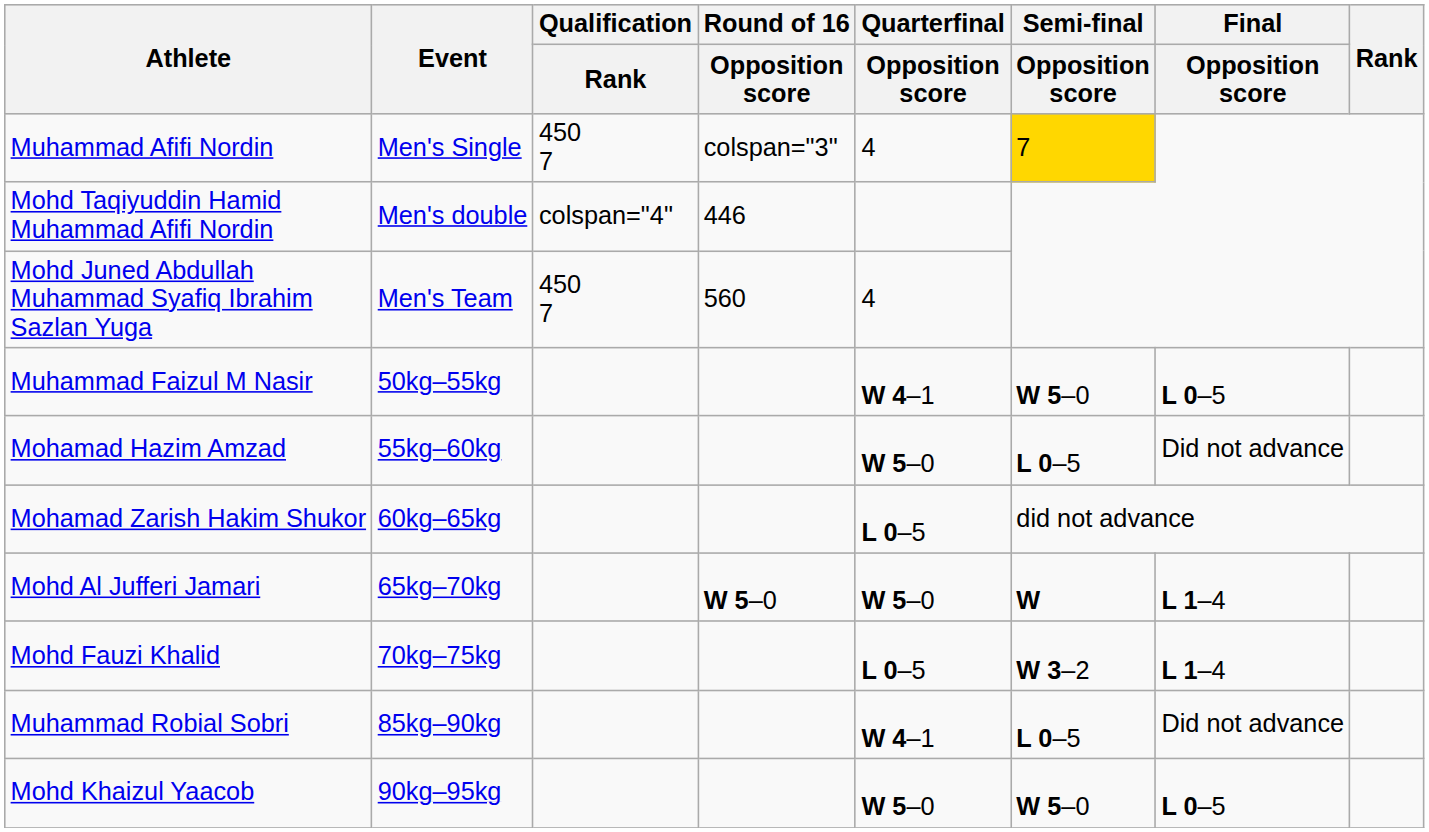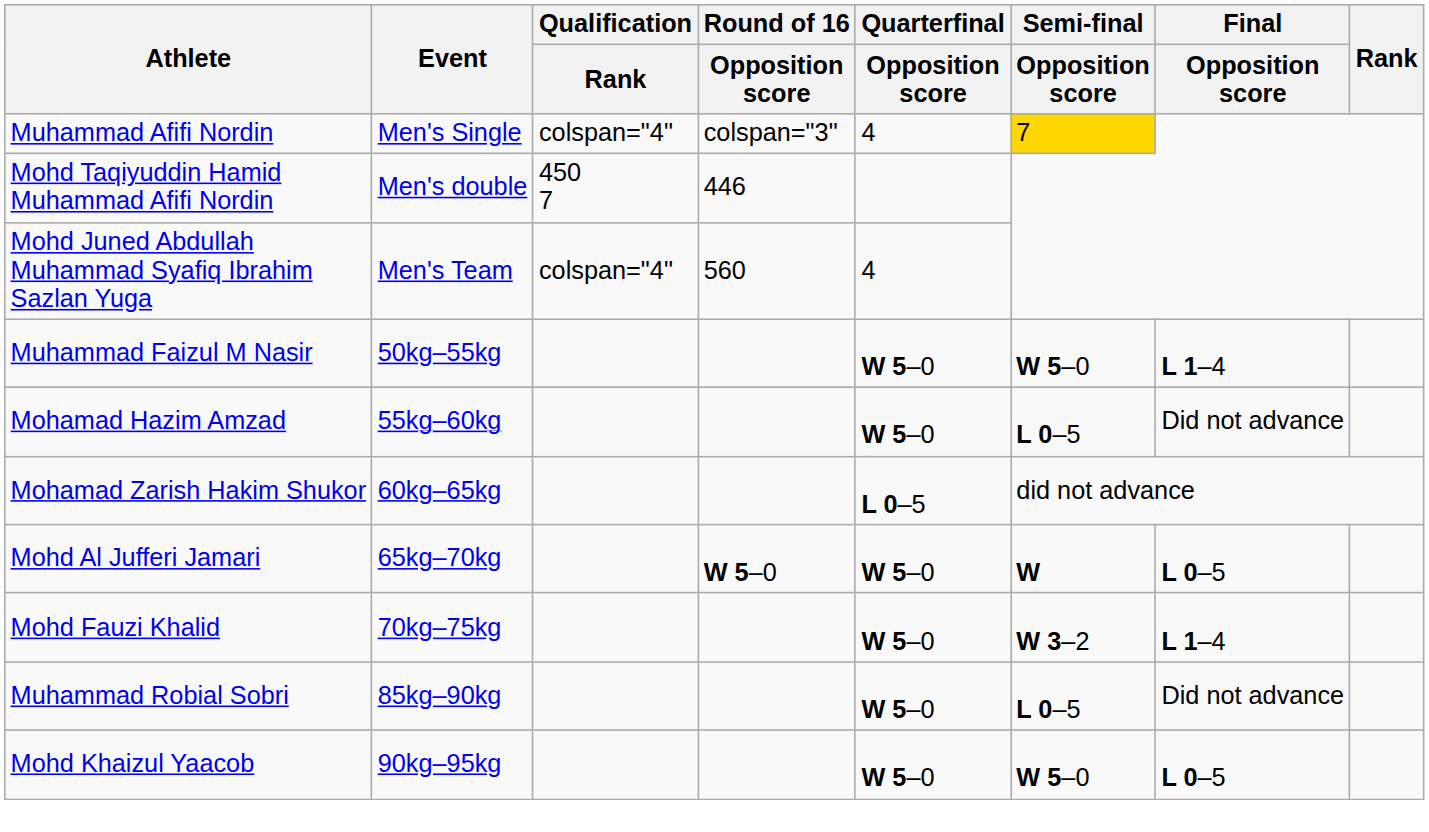 <table class="wikitable">
 <tr>
 <th rowspan="2">Athlete</th>
 <th rowspan="2">Event</th>
 <th>Qualification</th>
 <th>Round of 16</th>
 <th>Quarterfinal</th>
 <th>Semi-final</th>
 <th>Final</th>
 <th rowspan="2">Rank</th>
 </tr>
 <tr>
 <th>Rank</th>
 <th>Opposition<br> score</th>
 <th>Opposition<br> score</th>
 <th>Opposition<br> score</th>
 <th>Opposition<br> score</th>
 </tr>
 <tr>
 <td><a href='#'>Muhammad Afifi Nordin</a></td>
 <td><a href='#'>Men's Single</a></td>
-<td>450<br>7</td>
+<td>colspan="4" </td>
 <td>colspan="3" </td>
 <td>4</td>
 <td style="background: gold;">7</td>
 </tr>
 <tr>
 <td><a href='#'>Mohd Taqiyuddin Hamid</a><br><a href='#'>Muhammad Afifi Nordin</a></td>
 <td><a href='#'>Men's double</a></td>
-<td>colspan="4" </td>
+<td>450<br>7</td>
 <td>446</td>
 <td></td>
 </tr>
 <tr>
 <td><a href='#'>Mohd Juned Abdullah</a><br><a href='#'>Muhammad Syafiq Ibrahim</a><br><a href='#'>Sazlan Yuga</a></td>
 <td><a href='#'>Men's Team</a></td>
-<td>450<br>7</td>
+<td>colspan="4" </td>
 <td>560</td>
 <td>4</td>
 </tr>
 <tr>
 <td><a href='#'>Muhammad Faizul M Nasir</a></td>
 <td><a href='#'>50kg–55kg</a></td>
 <td></td>
 <td></td>
-<td><br><strong>W 4</strong>–1</td>
 <td><br><strong>W 5</strong>–0</td>
-<td><br><strong>L 0</strong>–5</td>
+<td><br><strong>W 5</strong>–0</td>
+<td><br><strong>L 1</strong>–4</td>
 <td></td>
 </tr>
 <tr>
 <td><a href='#'>Mohamad Hazim Amzad</a></td>
 <td><a href='#'>55kg–60kg</a></td>
 <td></td>
 <td></td>
 <td><br><strong>W 5</strong>–0</td>
 <td><br><strong>L 0</strong>–5</td>
 <td>Did not advance</td>
 <td></td>
 </tr>
 <tr>
 <td><a href='#'>Mohamad Zarish Hakim Shukor</a></td>
 <td><a href='#'>60kg–65kg</a></td>
 <td></td>
 <td></td>
 <td><br><strong>L 0</strong>–5</td>
 <td colspan="3">did not advance</td>
 </tr>
 <tr>
 <td><a href='#'>Mohd Al Jufferi Jamari</a></td>
 <td><a href='#'>65kg–70kg</a></td>
 <td></td>
 <td><br><strong>W 5</strong>–0</td>
 <td><br><strong>W 5</strong>–0</td>
 <td><br><strong>W</strong> </td>
-<td><br><strong>L 1</strong>–4</td>
+<td><br><strong>L 0</strong>–5</td>
 <td></td>
 </tr>
 <tr>
 <td><a href='#'>Mohd Fauzi Khalid</a></td>
 <td><a href='#'>70kg–75kg</a></td>
 <td></td>
 <td></td>
-<td><br><strong>L 0</strong>–5</td>
+<td><br><strong>W 5</strong>–0</td>
 <td><br><strong>W 3</strong>–2</td>
 <td><br><strong>L 1</strong>–4</td>
 <td></td>
 </tr>
 <tr>
 <td><a href='#'>Muhammad Robial Sobri</a></td>
 <td><a href='#'>85kg–90kg</a></td>
 <td></td>
 <td></td>
-<td><br><strong>W 4</strong>–1</td>
+<td><br><strong>W 5</strong>–0</td>
 <td><br><strong>L 0</strong>–5</td>
 <td>Did not advance</td>
 <td></td>
 </tr>
 <tr>
 <td><a href='#'>Mohd Khaizul Yaacob</a></td>
 <td><a href='#'>90kg–95kg</a></td>
 <td></td>
 <td></td>
 <td><br><strong>W 5</strong>–0</td>
 <td><br><strong>W 5</strong>–0</td>
 <td><br><strong>L 0</strong>–5</td>
 <td></td>
 </tr>
 </table>
